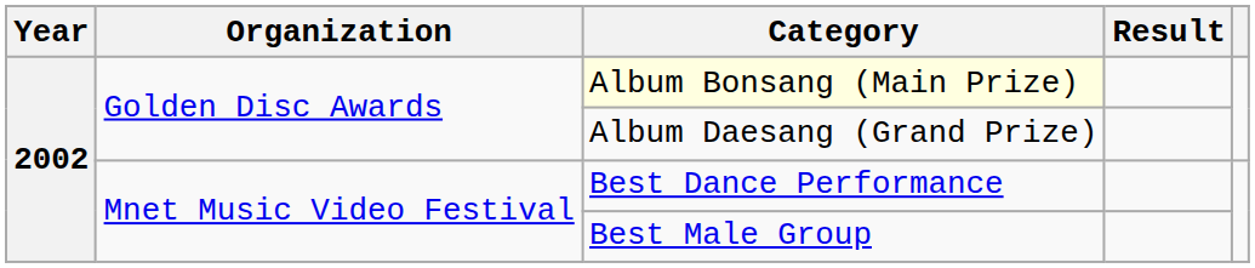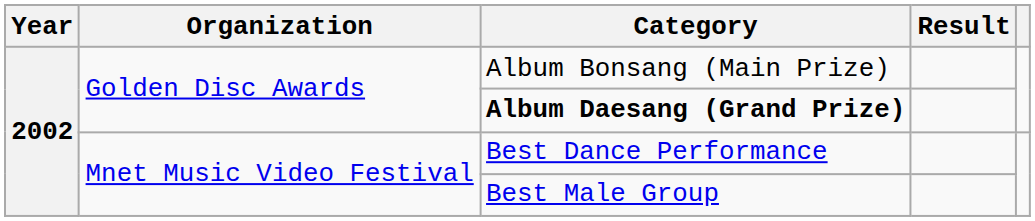 <table class="wikitable plainrowheaders">
 <tr>
 <th>Year</th>
 <th>Organization</th>
 <th>Category</th>
 <th>Result</th>
 <th scope="col" class="unsortable"></th>
 </tr>
 <tr>
 <th scope="row" rowspan="4">2002</th>
 <td rowspan="2"><a href='#'>Golden Disc Awards</a></td>
-<td style="background: lightyellow;">Album Bonsang (Main Prize)</td>
+<td>Album Bonsang (Main Prize)</td>
 <td></td>
 <td rowspan="2" style="text-align:center;"></td>
 </tr>
 <tr>
-<td>Album Daesang (Grand Prize)</td>
+<td><strong>Album Daesang (Grand Prize)</strong></td>
 <td></td>
 </tr>
 <tr>
 <td rowspan="2"><a href='#'>Mnet Music Video Festival</a></td>
 <td><a href='#'>Best Dance Performance</a></td>
 <td></td>
 <td rowspan="2" style="text-align:center;"></td>
 </tr>
 <tr>
 <td><a href='#'>Best Male Group</a></td>
 <td></td>
 </tr>
 </table>
